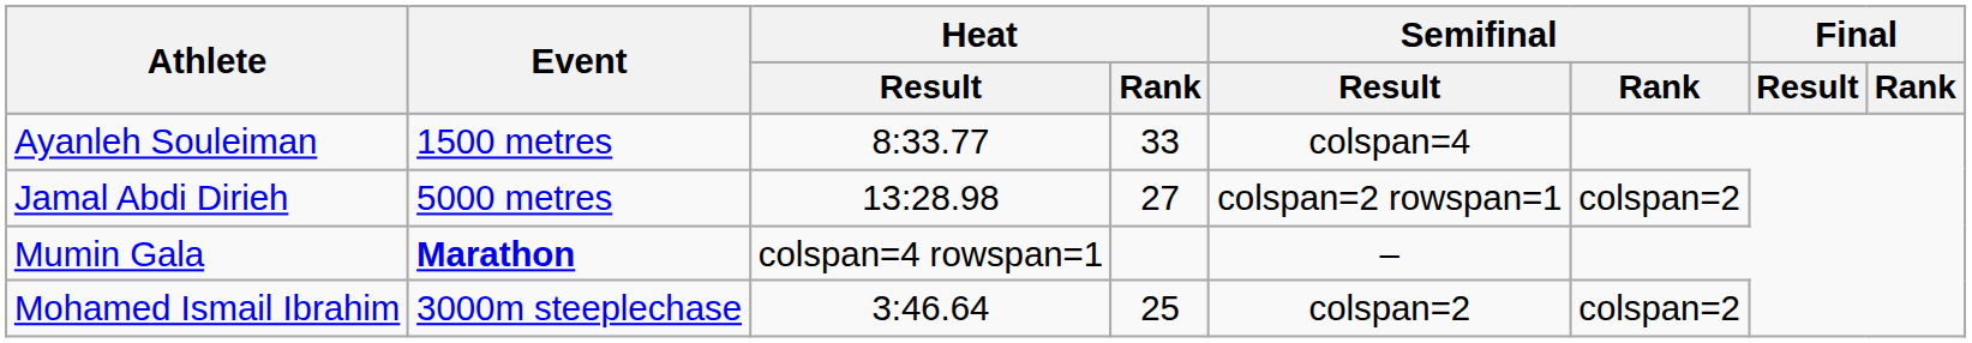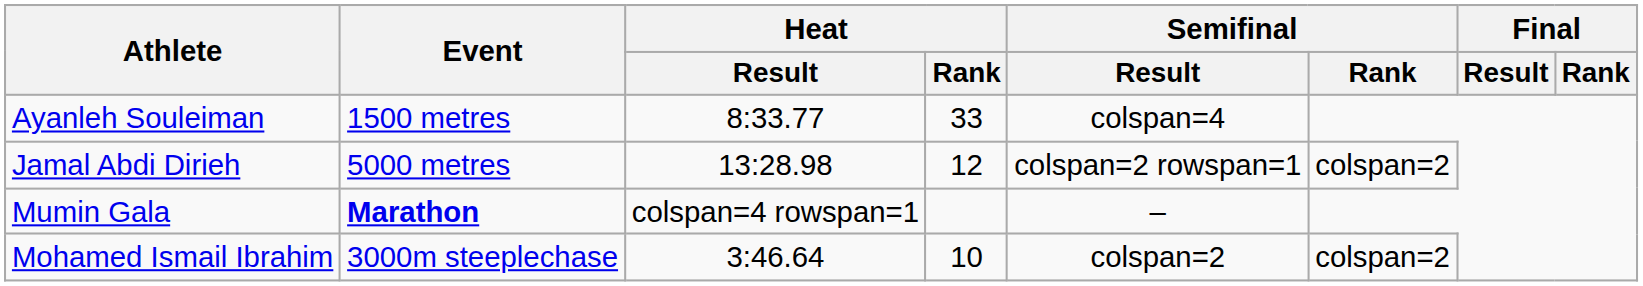 <table class="wikitable" style="font-size:90%">
 <tr>
 <th rowspan="2">Athlete</th>
 <th rowspan="2">Event</th>
 <th colspan="2">Heat</th>
 <th colspan="2">Semifinal</th>
 <th colspan="2">Final</th>
 </tr>
 <tr style="font-size:95%">
 <th>Result</th>
 <th>Rank</th>
 <th>Result</th>
 <th>Rank</th>
 <th>Result</th>
 <th>Rank</th>
 </tr>
 <tr style=text-align:center>
 <td style=text-align:left><a href='#'>Ayanleh Souleiman</a></td>
 <td style=text-align:left rowspan=1><a href='#'>1500 metres</a></td>
 <td>8:33.77</td>
 <td>33</td>
 <td>colspan=4 </td>
 </tr>
 <tr style=text-align:center>
 <td style=text-align:left><a href='#'>Jamal Abdi Dirieh</a></td>
 <td style=text-align:left rowspan=1><a href='#'>5000 metres</a></td>
 <td>13:28.98</td>
-<td>27</td>
+<td>12</td>
 <td>colspan=2 rowspan=1 </td>
 <td>colspan=2 </td>
 </tr>
 <tr style=text-align:center>
 <td style=text-align:left><a href='#'>Mumin Gala</a></td>
 <td style=text-align:left rowspan=1><strong><a href='#'>Marathon</a></strong></td>
 <td>colspan=4 rowspan=1 </td>
 <td></td>
 <td>–</td>
 </tr>
 <tr style=text-align:center>
 <td style=text-align:left><a href='#'>Mohamed Ismail Ibrahim</a></td>
 <td><a href='#'>3000m steeplechase</a></td>
 <td>3:46.64</td>
-<td>25</td>
+<td>10</td>
 <td>colspan=2 </td>
 <td>colspan=2 </td>
 </tr>
 </table>
